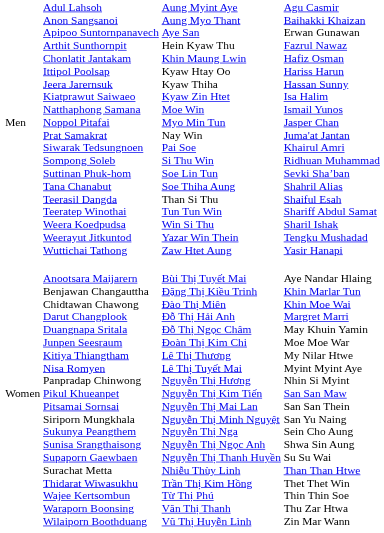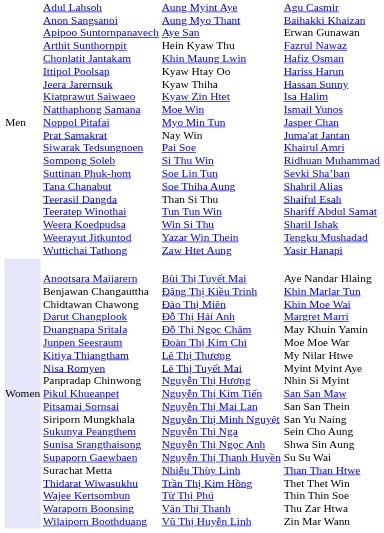 <table>
 <tr>
 <td>Men</td>
 <td nowrap=true><br><a href='#'>Adul Lahsoh</a><br><a href='#'>Anon Sangsanoi</a><br><a href='#'>Apipoo Suntornpanavech</a><br><a href='#'>Arthit Sunthornpit</a><br><a href='#'>Chonlatit Jantakam</a><br><a href='#'>Ittipol Poolsap</a><br><a href='#'>Jeera Jarernsuk</a><br><a href='#'>Kiatprawut Saiwaeo</a><br><a href='#'>Natthaphong Samana</a><br><a href='#'>Noppol Pitafai</a><br><a href='#'>Prat Samakrat</a><br><a href='#'>Siwarak Tedsungnoen</a><br><a href='#'>Sompong Soleb</a><br><a href='#'>Suttinan Phuk-hom</a><br><a href='#'>Tana Chanabut</a><br><a href='#'>Teerasil Dangda</a><br><a href='#'>Teeratep Winothai</a><br><a href='#'>Weera Koedpudsa</a><br><a href='#'>Weerayut Jitkuntod</a><br><a href='#'>Wuttichai Tathong</a></td>
 <td><br><a href='#'>Aung Myint Aye</a><br><a href='#'>Aung Myo Thant</a><br><a href='#'>Aye San</a><br>Hein Kyaw Thu<br><a href='#'>Khin Maung Lwin</a><br>Kyaw Htay Oo<br>Kyaw Thiha<br><a href='#'>Kyaw Zin Htet</a><br><a href='#'>Moe Win</a><br><a href='#'>Myo Min Tun</a><br>Nay Win<br><a href='#'>Pai Soe</a><br><a href='#'>Si Thu Win</a><br><a href='#'>Soe Lin Tun</a><br><a href='#'>Soe Thiha Aung</a><br>Than Si Thu<br><a href='#'>Tun Tun Win</a><br><a href='#'>Win Si Thu</a><br><a href='#'>Yazar Win Thein</a><br><a href='#'>Zaw Htet Aung</a></td>
 <td nowrap=true><br><a href='#'>Agu Casmir</a><br><a href='#'>Baihakki Khaizan</a><br>Erwan Gunawan<br><a href='#'>Fazrul Nawaz</a><br><a href='#'>Hafiz Osman</a><br><a href='#'>Hariss Harun</a><br><a href='#'>Hassan Sunny</a><br><a href='#'>Isa Halim</a><br><a href='#'>Ismail Yunos</a><br><a href='#'>Jasper Chan</a><br><a href='#'>Juma'at Jantan</a><br><a href='#'>Khairul Amri</a><br><a href='#'>Ridhuan Muhammad</a><br><a href='#'>Sevki Sha’ban</a><br><a href='#'>Shahril Alias</a><br><a href='#'>Shaiful Esah</a><br><a href='#'>Shariff Abdul Samat</a><br><a href='#'>Sharil Ishak</a><br><a href='#'>Tengku Mushadad</a><br><a href='#'>Yasir Hanapi</a></td>
 </tr>
 <tr>
-<td>Women</td>
+<td style="background: lavender;">Women</td>
 <td><br><a href='#'>Anootsara Maijarern</a><br>Benjawan Changauttha<br>Chidtawan Chawong<br><a href='#'>Darut Changplook</a><br><a href='#'>Duangnapa Sritala</a><br><a href='#'>Junpen Seesraum</a><br><a href='#'>Kitiya Thiangtham</a><br><a href='#'>Nisa Romyen</a><br>Panpradap Chinwong<br><a href='#'>Pikul Khueanpet</a><br><a href='#'>Pitsamai Sornsai</a><br>Siriporn Mungkhala<br><a href='#'>Sukunya Peangthem</a><br><a href='#'>Sunisa Srangthaisong</a><br><a href='#'>Supaporn Gaewbaen</a><br>Surachat Metta<br><a href='#'>Thidarat Wiwasukhu</a><br><a href='#'>Wajee Kertsombun</a><br><a href='#'>Waraporn Boonsing</a><br><a href='#'>Wilaiporn Boothduang</a></td>
 <td nowrap=true><br><a href='#'>Bùi Thị Tuyết Mai</a><br><a href='#'>Đặng Thị Kiều Trinh</a><br><a href='#'>Đào Thị Miên</a><br><a href='#'>Đỗ Thị Hải Anh</a><br><a href='#'>Đỗ Thị Ngọc Châm</a><br><a href='#'>Đoàn Thị Kim Chi</a><br><a href='#'>Lê Thị Thương</a><br><a href='#'>Lê Thị Tuyết Mai</a><br><a href='#'>Nguyễn Thị Hương</a><br><a href='#'>Nguyễn Thị Kim Tiến</a><br><a href='#'>Nguyễn Thị Mai Lan</a><br><a href='#'>Nguyễn Thị Minh Nguyệt</a><br><a href='#'>Nguyễn Thị Nga</a><br><a href='#'>Nguyễn Thị Ngọc Anh</a><br><a href='#'>Nguyễn Thị Thanh Huyền</a><br><a href='#'>Nhiễu Thùy Linh</a><br><a href='#'>Trần Thị Kim Hồng</a><br><a href='#'>Từ Thị Phú</a><br><a href='#'>Văn Thị Thanh</a><br><a href='#'>Vũ Thị Huyễn Lình</a></td>
 <td><br>Aye Nandar Hlaing<br><a href='#'>Khin Marlar Tun</a><br><a href='#'>Khin Moe Wai</a><br><a href='#'>Margret Marri</a><br>May Khuin Yamin<br>Moe Moe War<br>My Nilar Htwe<br>Myint Myint Aye<br>Nhin Si Myint<br><a href='#'>San San Maw</a><br>San San Thein<br>San Yu Naing<br>Sein Cho Aung<br>Shwa Sin Aung<br>Su Su Wai<br><a href='#'>Than Than Htwe</a><br>Thet Thet Win<br>Thin Thin Soe<br>Thu Zar Htwa<br>Zin Mar Wann</td>
 </tr>
 </table>
